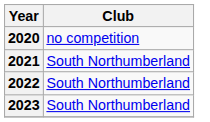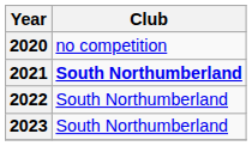 <table class="wikitable" style="font-size:85%">
 <tr>
 <th>Year</th>
 <th>Club</th>
 </tr>
 <tr>
 <th scope="row">2020</th>
 <td><a href='#'>no competition</a></td>
 </tr>
 <tr>
 <th scope="row">2021</th>
-<td><a href='#'>South Northumberland</a></td>
+<td><strong><a href='#'>South Northumberland</a></strong></td>
 </tr>
 <tr>
 <th scope="row">2022</th>
 <td><a href='#'>South Northumberland</a></td>
 </tr>
 <tr>
 <th scope="row">2023</th>
 <td><a href='#'>South Northumberland</a></td>
 </tr>
 <tr>
 </tr>
 </table>
